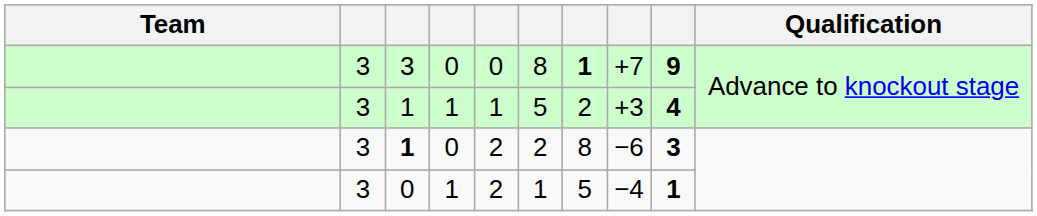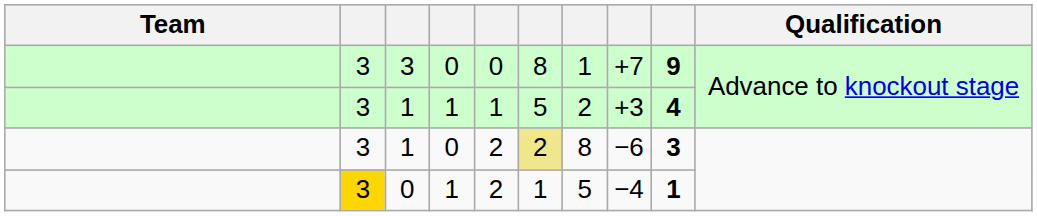 <table class=wikitable style="text-align:center">
 <tr>
 <th width=200>Team</th>
 <th width=20></th>
 <th width=20></th>
 <th width=20></th>
 <th width=20></th>
 <th width=20></th>
 <th width=20></th>
 <th width=20></th>
 <th width=20></th>
 <th width=200>Qualification</th>
 </tr>
 <tr bgcolor=ccffcc>
 <td align=left></td>
 <td>3</td>
 <td>3</td>
 <td>0</td>
 <td>0</td>
 <td>8</td>
-<td><strong>1</strong></td>
+<td>1</td>
 <td>+7</td>
 <td><strong>9</strong></td>
 <td rowspan=2>Advance to <a href='#'>knockout stage</a></td>
 </tr>
 <tr bgcolor=ccffcc>
 <td align=left></td>
 <td>3</td>
 <td>1</td>
 <td>1</td>
 <td>1</td>
 <td>5</td>
 <td>2</td>
 <td>+3</td>
 <td><strong>4</strong></td>
 </tr>
 <tr>
 <td align=left></td>
 <td>3</td>
-<td><strong>1</strong></td>
+<td>1</td>
 <td>0</td>
 <td>2</td>
-<td>2</td>
+<td style="background: khaki;">2</td>
 <td>8</td>
 <td>−6</td>
 <td><strong>3</strong></td>
 <td rowspan=2></td>
 </tr>
 <tr>
 <td align=left></td>
-<td>3</td>
+<td style="background: gold;">3</td>
 <td>0</td>
 <td>1</td>
 <td>2</td>
 <td>1</td>
 <td>5</td>
 <td>−4</td>
 <td><strong>1</strong></td>
 </tr>
 </table>
